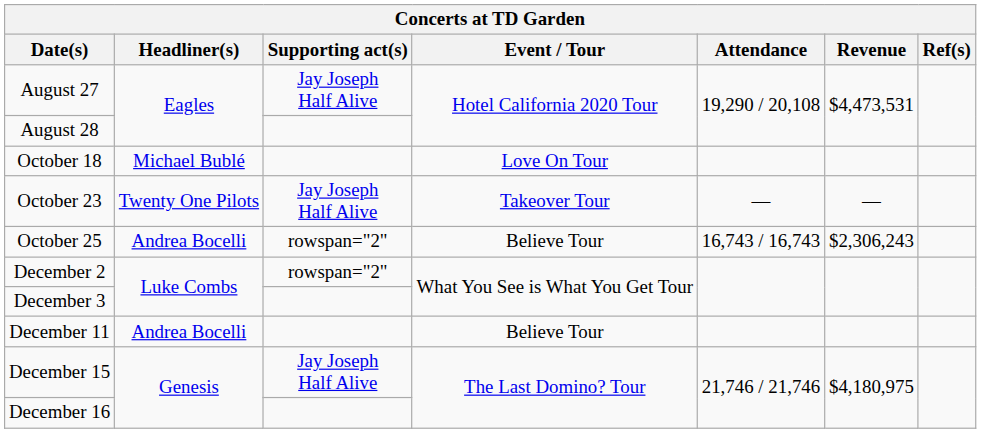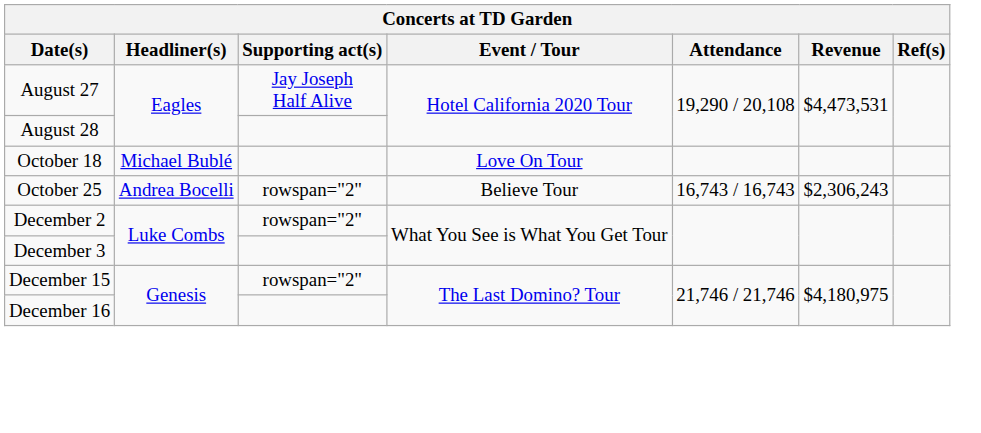 <table class="wikitable mw-collapsible mw-collapsed" style="text-align:center;">
 <tr>
 <th colspan="7">Concerts at TD Garden</th>
 </tr>
 <tr>
 <th>Date(s)</th>
 <th>Headliner(s)</th>
 <th>Supporting act(s)</th>
 <th>Event / Tour</th>
 <th>Attendance</th>
 <th>Revenue</th>
 <th>Ref(s)</th>
 </tr>
 <tr>
 <td>August 27</td>
 <td rowspan="2"><a href='#'>Eagles</a></td>
 <td><a href='#'>Jay Joseph</a> <br> <a href='#'>Half Alive</a></td>
 <td rowspan="2"><a href='#'>Hotel California 2020 Tour</a></td>
 <td rowspan="2">19,290 / 20,108</td>
 <td rowspan="2">$4,473,531</td>
 <td rowspan="2"></td>
 </tr>
 <tr>
 <td>August 28</td>
 </tr>
 <tr>
 <td>October 18</td>
 <td><a href='#'>Michael Bublé</a></td>
 <td></td>
 <td><a href='#'>Love On Tour</a></td>
 <td></td>
 <td></td>
 <td></td>
 </tr>
 <tr>
-<td>October 23</td>
-<td><a href='#'>Twenty One Pilots</a></td>
-<td><a href='#'>Jay Joseph</a> <br> <a href='#'>Half Alive</a></td>
-<td><a href='#'>Takeover Tour</a></td>
-<td>—</td>
-<td>—</td>
-<td></td>
-</tr>
-<tr>
 <td>October 25</td>
 <td><a href='#'>Andrea Bocelli</a></td>
 <td>rowspan="2" </td>
 <td>Believe Tour</td>
 <td>16,743 / 16,743</td>
 <td>$2,306,243</td>
 <td></td>
 </tr>
 <tr>
 <td>December 2</td>
 <td rowspan="2"><a href='#'>Luke Combs</a></td>
 <td>rowspan="2" </td>
 <td rowspan="2">What You See is What You Get Tour</td>
 <td rowspan="2"></td>
 <td rowspan="2"></td>
 <td rowspan="2"></td>
 </tr>
 <tr>
 <td>December 3</td>
 </tr>
 <tr>
-<td>December 11</td>
-<td><a href='#'>Andrea Bocelli</a></td>
-<td></td>
-<td>Believe Tour</td>
-<td></td>
-<td></td>
-<td></td>
-</tr>
-<tr>
 <td>December 15</td>
 <td rowspan="2"><a href='#'>Genesis</a></td>
-<td><a href='#'>Jay Joseph</a> <br> <a href='#'>Half Alive</a></td>
+<td>rowspan="2" </td>
 <td rowspan="2"><a href='#'>The Last Domino? Tour</a></td>
 <td rowspan="2">21,746 / 21,746</td>
 <td rowspan="2">$4,180,975</td>
 <td rowspan="2"></td>
 </tr>
 <tr>
 <td>December 16</td>
 </tr>
 </table>
